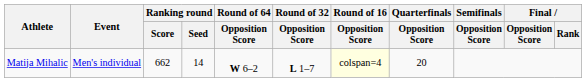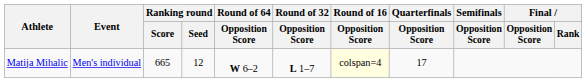 <table class="wikitable" style="font-size:90%">
 <tr>
 <th rowspan=2>Athlete</th>
 <th rowspan=2>Event</th>
 <th colspan=2>Ranking round</th>
 <th>Round of 64</th>
 <th>Round of 32</th>
 <th>Round of 16</th>
 <th>Quarterfinals</th>
 <th>Semifinals</th>
 <th colspan=2>Final / </th>
 </tr>
 <tr style="font-size:95%">
 <th>Score</th>
 <th>Seed</th>
 <th>Opposition<br>Score</th>
 <th>Opposition<br>Score</th>
 <th>Opposition<br>Score</th>
 <th>Opposition<br>Score</th>
 <th>Opposition<br>Score</th>
 <th>Opposition<br>Score</th>
 <th>Rank</th>
 </tr>
 <tr align=center>
 <td align=left><a href='#'>Matija Mihalic</a></td>
 <td align=left><a href='#'>Men's individual</a></td>
-<td>662</td>
-<td>14</td>
+<td>665</td>
+<td>12</td>
 <td><br><strong>W</strong> 6–2</td>
 <td><br><strong>L</strong> 1–7</td>
 <td style="background: lightyellow;">colspan=4 </td>
-<td>20</td>
+<td>17</td>
 </tr>
 </table>
